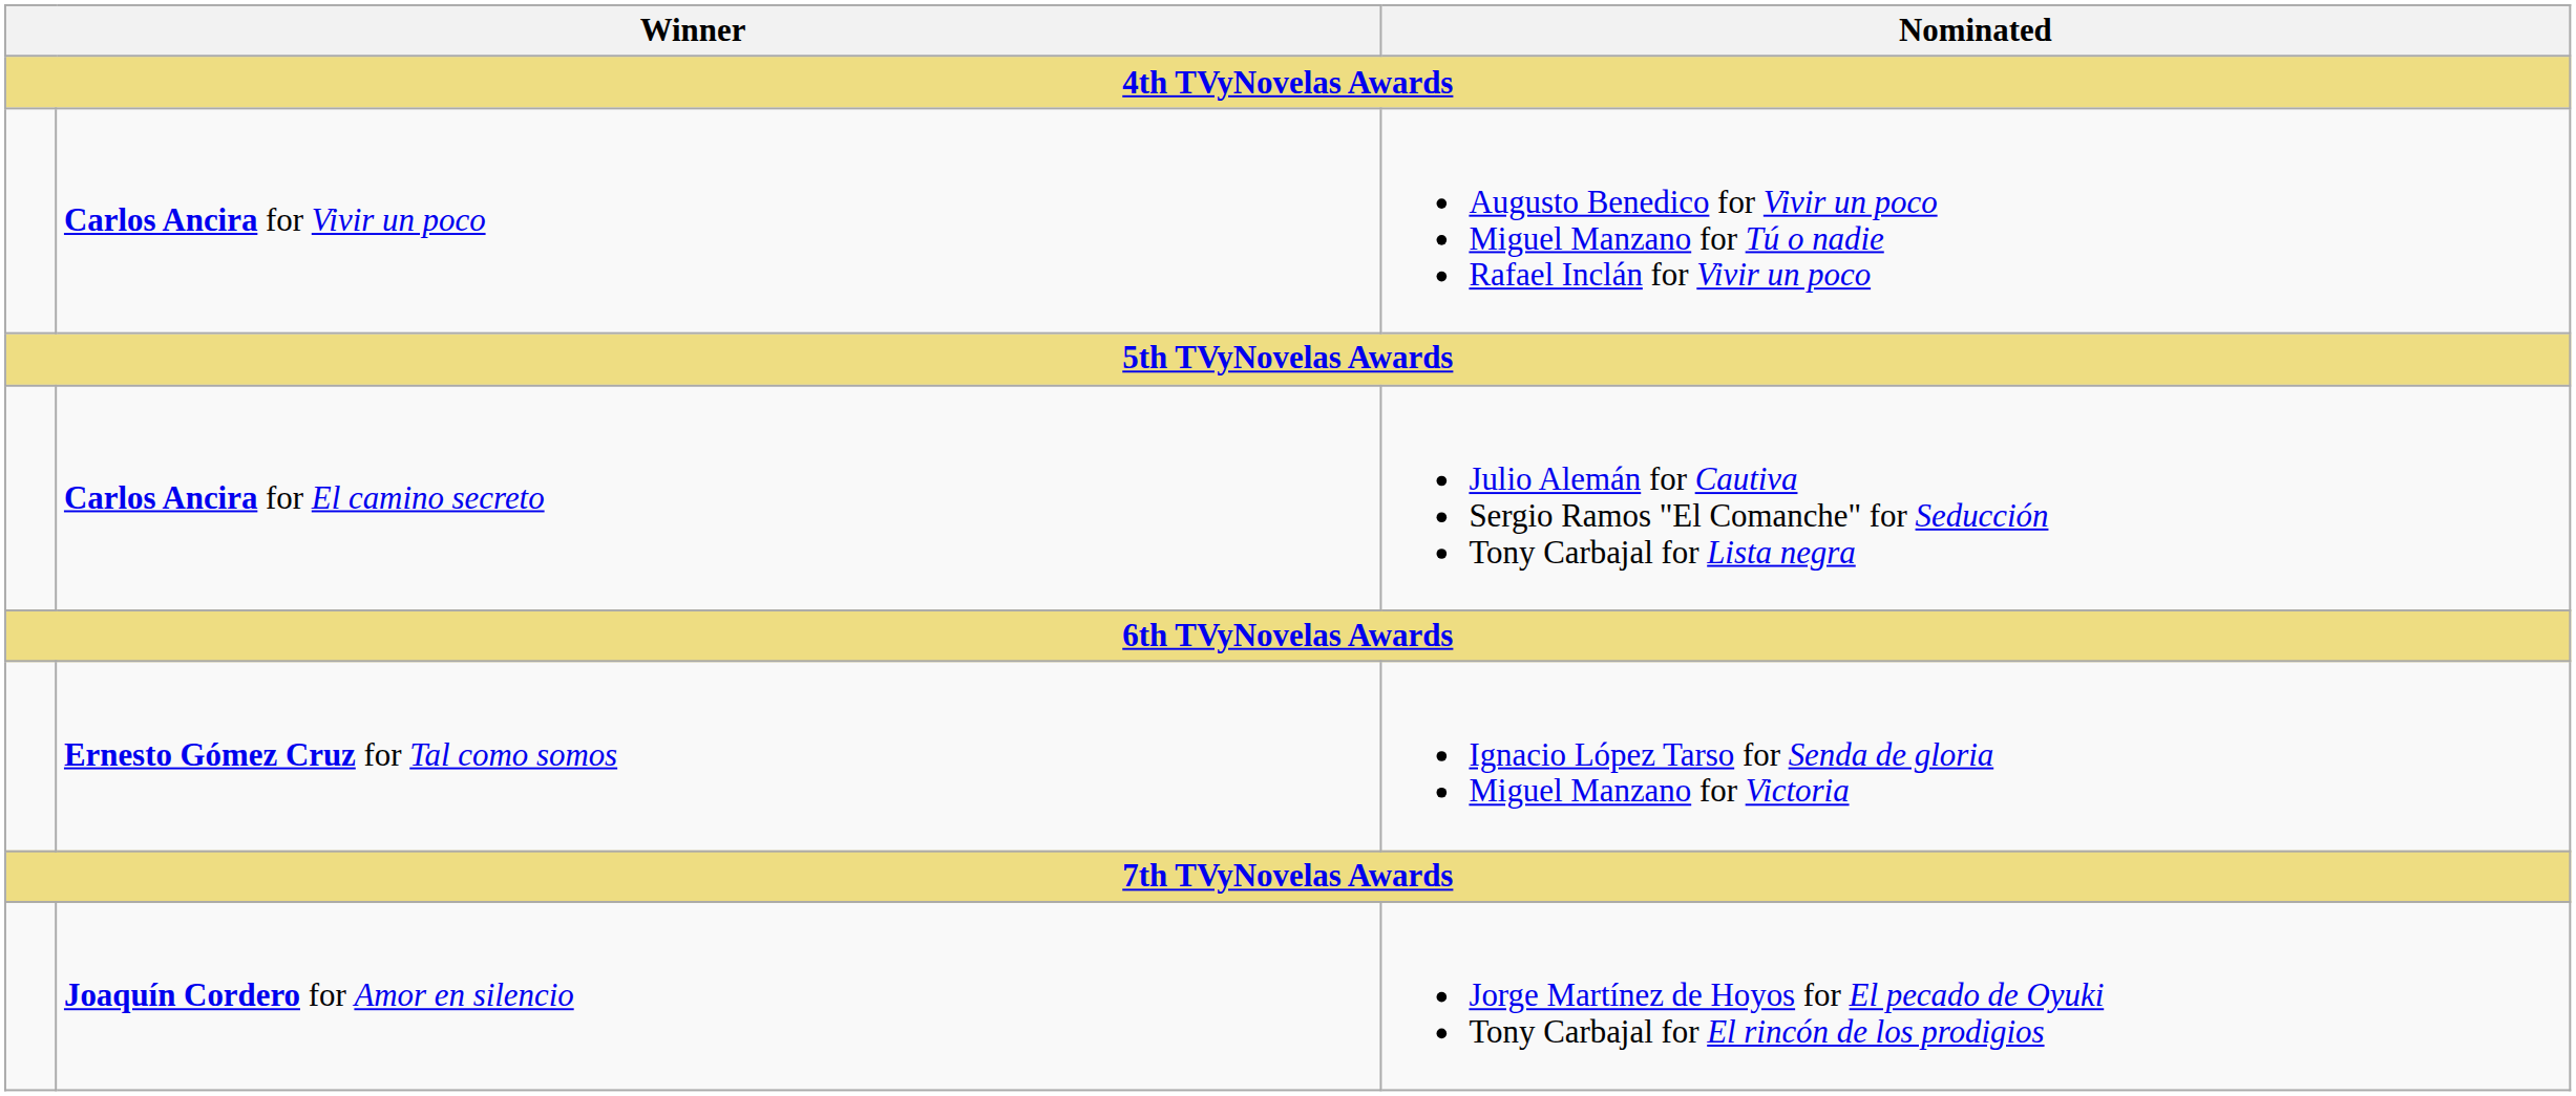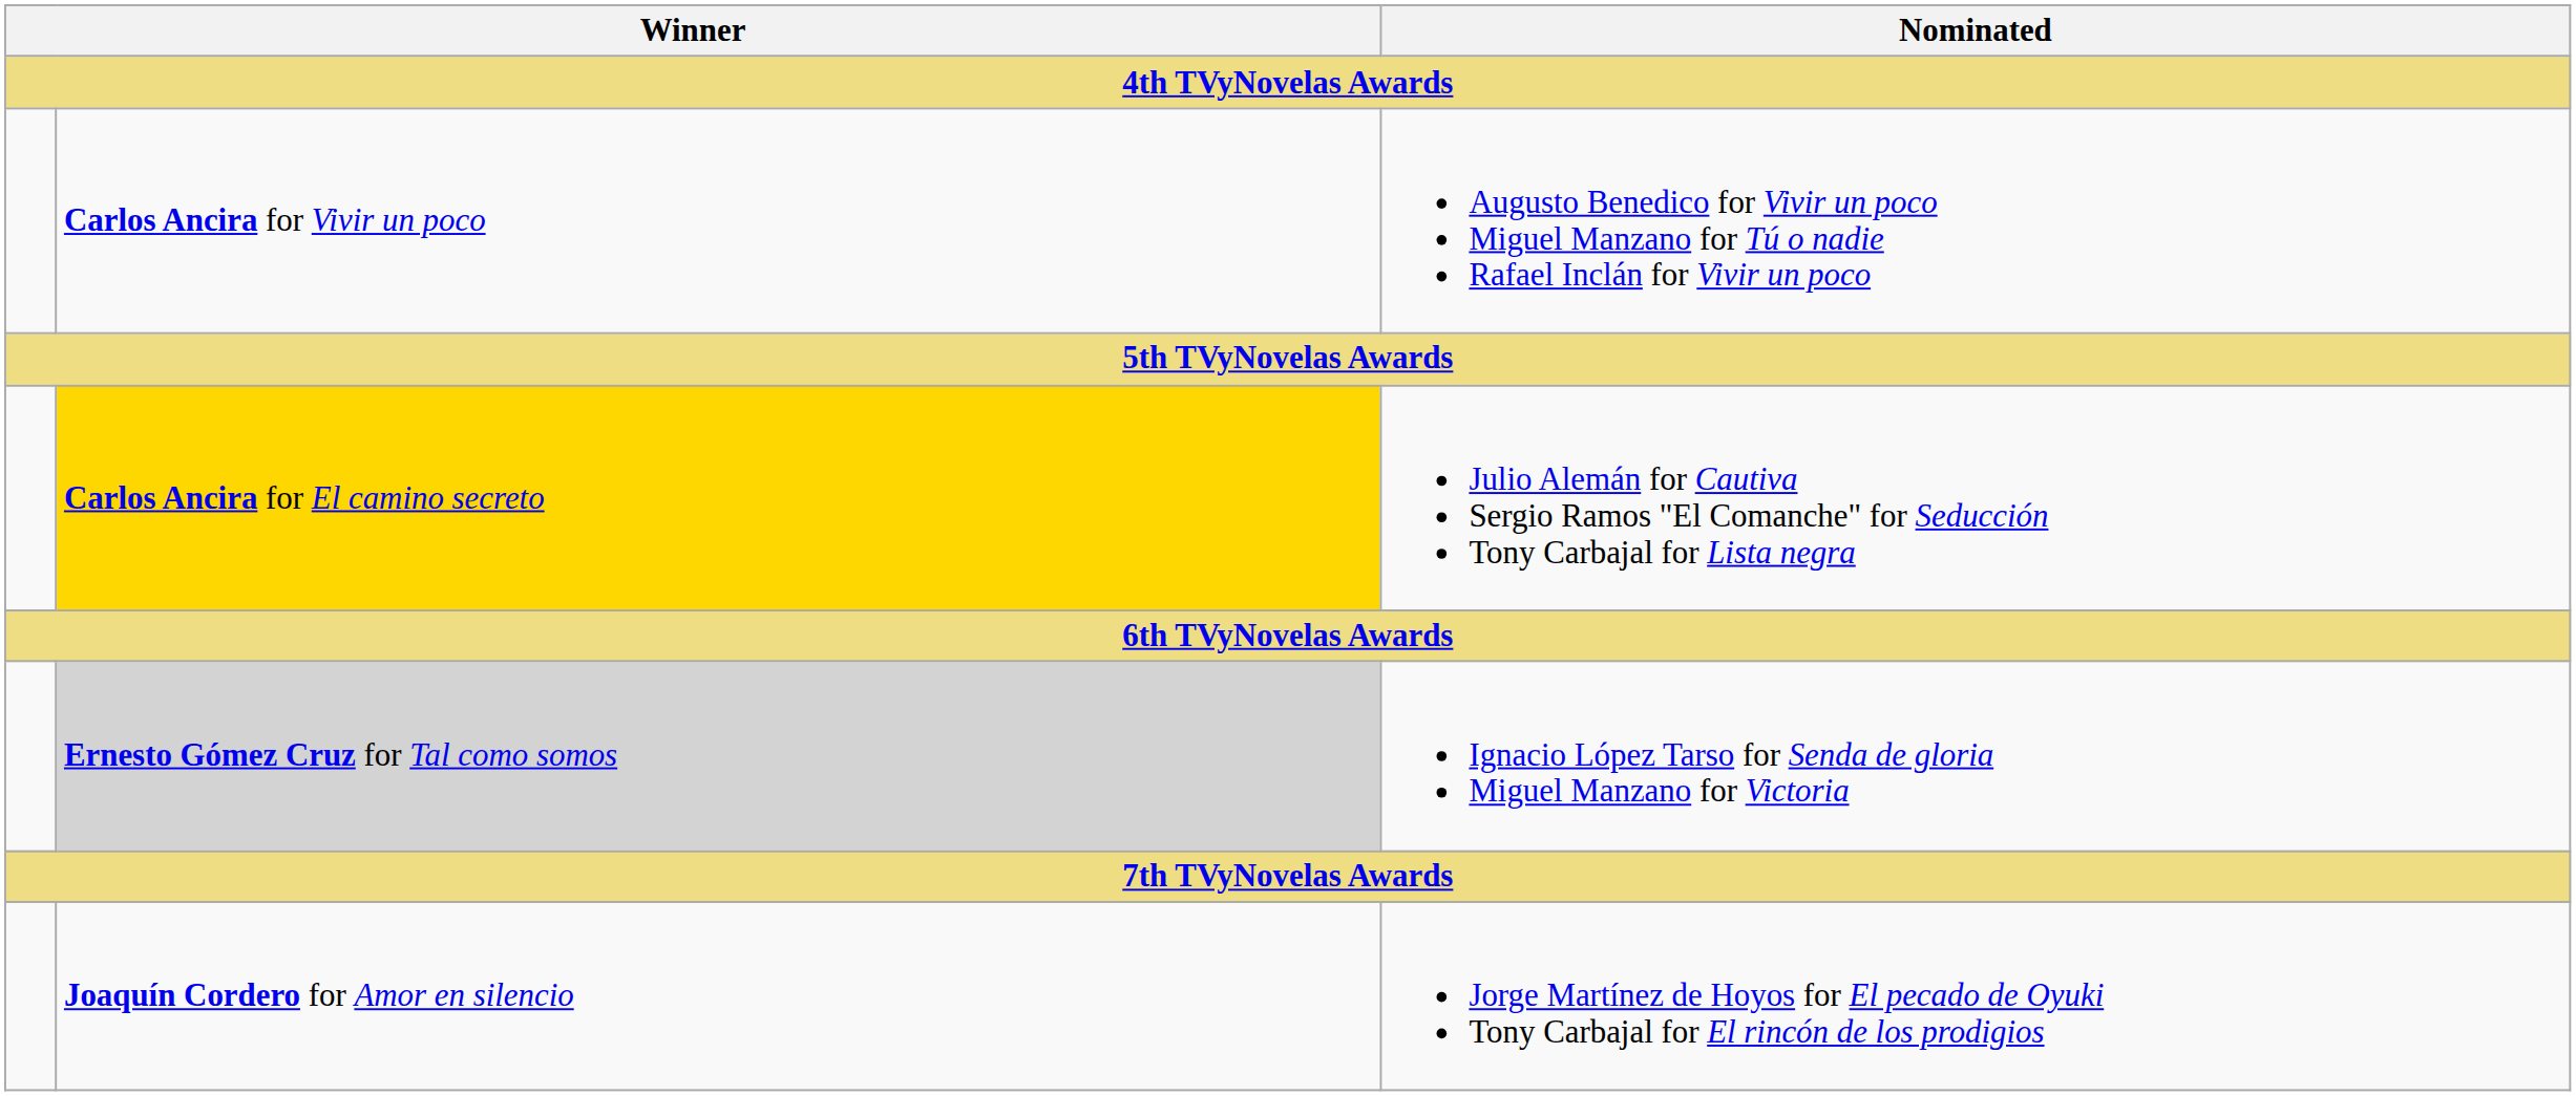 <table class="wikitable" width=80%>
 <tr align=center>
 <th width="150px;" colspan=2; align="center">Winner</th>
 <th width="580px;" align="center">Nominated</th>
 </tr>
 <tr>
 <th colspan=9 style="background:#EEDD82;"  align="center"><strong><a href='#'>4th TVyNovelas Awards</a></strong></th>
 </tr>
 <tr>
 <td width=2%></td>
 <td><strong><a href='#'>Carlos Ancira</a></strong> for <em><a href='#'>Vivir un poco</a></em></td>
 <td><br><ul><li><a href='#'>Augusto Benedico</a> for <em><a href='#'>Vivir un poco</a></em></li><li><a href='#'>Miguel Manzano</a> for <em><a href='#'>Tú o nadie</a></em></li><li><a href='#'>Rafael Inclán</a> for <em><a href='#'>Vivir un poco</a></em></li></ul></td>
 </tr>
 <tr>
 <th colspan=9 style="background:#EEDD82;"  align="center"><strong><a href='#'>5th TVyNovelas Awards</a></strong></th>
 </tr>
 <tr>
 <td width=2%></td>
-<td><strong><a href='#'>Carlos Ancira</a></strong> for <em><a href='#'>El camino secreto</a></em></td>
+<td style="background: gold;"><strong><a href='#'>Carlos Ancira</a></strong> for <em><a href='#'>El camino secreto</a></em></td>
 <td><br><ul><li><a href='#'>Julio Alemán</a> for <em><a href='#'>Cautiva</a></em></li><li>Sergio Ramos "El Comanche" for <em><a href='#'>Seducción</a></em></li><li>Tony Carbajal for <em><a href='#'>Lista negra</a></em></li></ul></td>
 </tr>
 <tr>
 <th colspan=9 style="background:#EEDD82;"  align="center"><strong><a href='#'>6th TVyNovelas Awards</a></strong></th>
 </tr>
 <tr>
 <td width=2%></td>
-<td><strong><a href='#'>Ernesto Gómez Cruz</a></strong> for <em><a href='#'>Tal como somos</a></em></td>
+<td style="background: lightgrey;"><strong><a href='#'>Ernesto Gómez Cruz</a></strong> for <em><a href='#'>Tal como somos</a></em></td>
 <td><br><ul><li><a href='#'>Ignacio López Tarso</a> for <em><a href='#'>Senda de gloria</a></em></li><li><a href='#'>Miguel Manzano</a> for <em><a href='#'>Victoria</a></em></li></ul></td>
 </tr>
 <tr>
 <th colspan=9 style="background:#EEDD82;"  align="center"><strong><a href='#'>7th TVyNovelas Awards</a></strong></th>
 </tr>
 <tr>
 <td width=2%></td>
 <td><strong><a href='#'>Joaquín Cordero</a></strong> for <em><a href='#'>Amor en silencio</a></em></td>
 <td><br><ul><li><a href='#'>Jorge Martínez de Hoyos</a> for <em><a href='#'>El pecado de Oyuki</a></em></li><li>Tony Carbajal for <em><a href='#'>El rincón de los prodigios</a></em></li></ul></td>
 </tr>
 </table>
